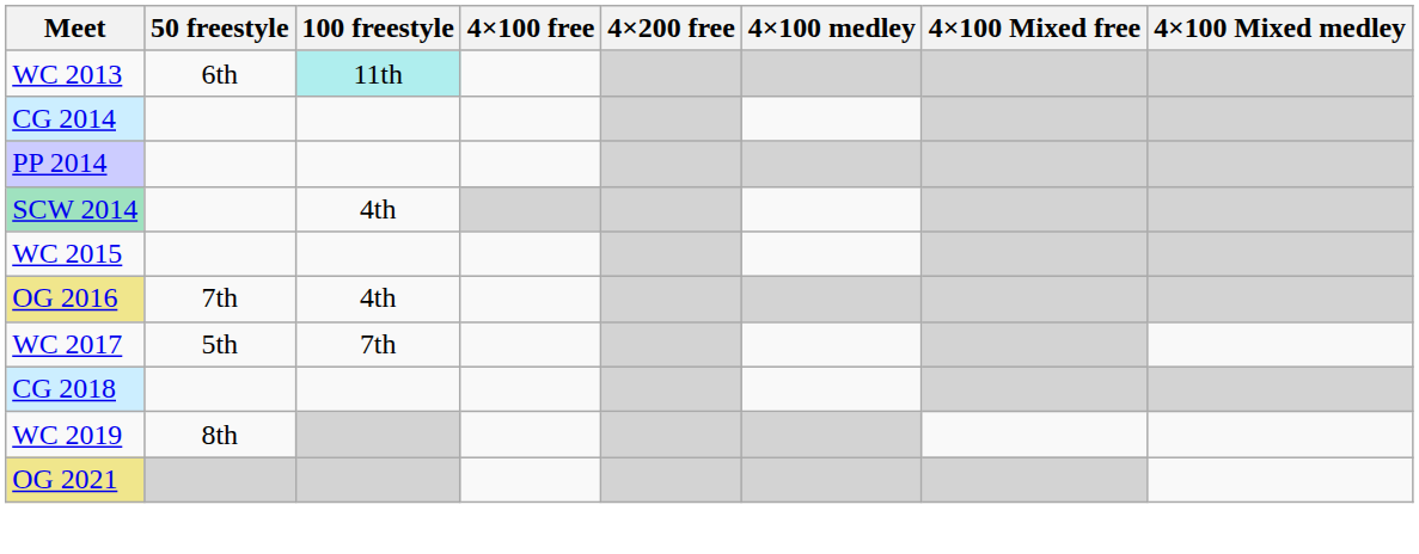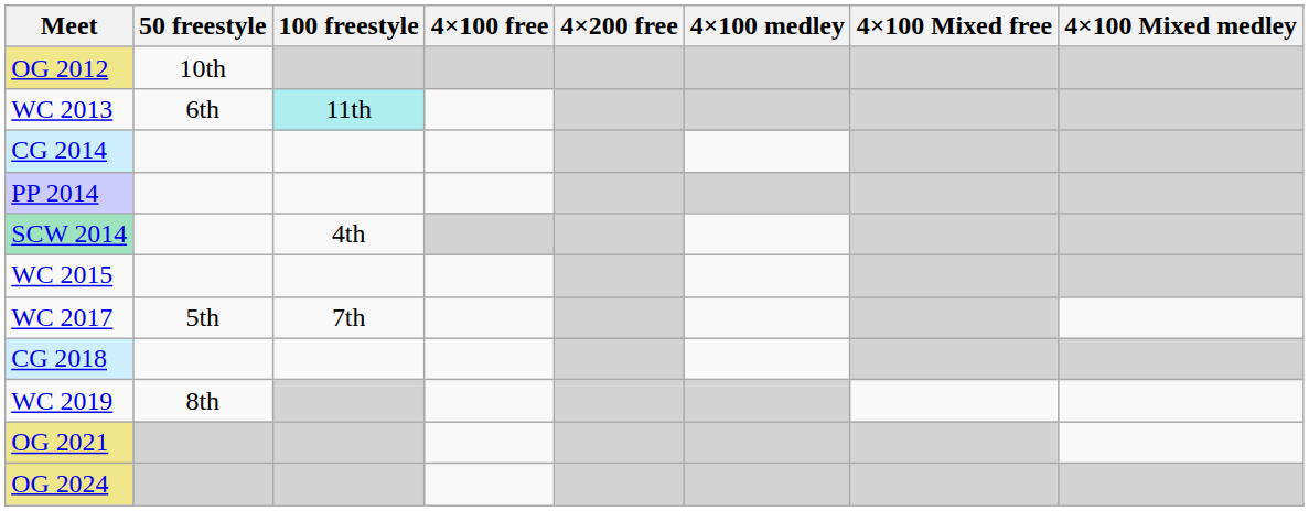 <table class="sortable wikitable">
 <tr>
 <th>Meet</th>
 <th class="unsortable">50 freestyle</th>
 <th class="unsortable">100 freestyle</th>
 <th class="unsortable">4×100 free</th>
 <th class="unsortable">4×200 free</th>
 <th class="unsortable">4×100 medley</th>
 <th class="unsortable">4×100 Mixed free</th>
 <th class="unsortable">4×100 Mixed medley</th>
+</tr>
+<tr>
+<td style="background:#f0e68c"><a href='#'>OG 2012</a></td>
+<td align="center">10th</td>
+<td style="background:#d3d3d3"></td>
+<td style="background:#d3d3d3"></td>
+<td style="background:#d3d3d3"></td>
+<td style="background:#d3d3d3"></td>
+<td style="background:#d3d3d3"></td>
+<td style="background:#d3d3d3"></td>
 </tr>
 <tr>
 <td><a href='#'>WC 2013</a></td>
 <td align="center">6th</td>
 <td align="center" style="background: paleturquoise;">11th</td>
 <td align="center"></td>
 <td style="background:#d3d3d3"></td>
 <td style="background:#d3d3d3"></td>
 <td style="background:#d3d3d3"></td>
 <td style="background:#d3d3d3"></td>
 </tr>
 <tr>
 <td style="background:#cceeff"><a href='#'>CG 2014</a></td>
 <td align="center"></td>
 <td align="center"></td>
 <td align="center"></td>
 <td style="background:#d3d3d3"></td>
 <td align="center"></td>
 <td style="background:#d3d3d3"></td>
 <td style="background:#d3d3d3"></td>
 </tr>
 <tr>
 <td style="background:#ccccff"><a href='#'>PP 2014</a></td>
 <td align="center"></td>
 <td align="center"></td>
 <td align="center"></td>
 <td style="background:#d3d3d3"></td>
 <td style="background:#d3d3d3"></td>
 <td style="background:#d3d3d3"></td>
 <td style="background:#d3d3d3"></td>
 </tr>
 <tr>
 <td style="background:#9fe2bf"><a href='#'>SCW 2014</a></td>
 <td align="center"></td>
 <td align="center">4th</td>
 <td style="background:#d3d3d3"></td>
 <td style="background:#d3d3d3"></td>
 <td align="center"></td>
 <td style="background:#d3d3d3"></td>
 <td style="background:#d3d3d3"></td>
 </tr>
 <tr>
 <td><a href='#'>WC 2015</a></td>
 <td align="center"></td>
 <td align="center"></td>
 <td align="center"></td>
 <td style="background:#d3d3d3"></td>
 <td align="center"></td>
 <td style="background:#d3d3d3"></td>
 <td style="background:#d3d3d3"></td>
 </tr>
 <tr>
-<td style="background:#f0e68c"><a href='#'>OG 2016</a></td>
-<td align="center">7th</td>
-<td align="center">4th</td>
-<td align="center"></td>
-<td style="background:#d3d3d3"></td>
-<td style="background:#d3d3d3"></td>
-<td style="background:#d3d3d3"></td>
-<td style="background:#d3d3d3"></td>
-</tr>
-<tr>
 <td><a href='#'>WC 2017</a></td>
 <td align="center">5th</td>
 <td align="center">7th</td>
 <td align="center"></td>
 <td style="background:#d3d3d3"></td>
 <td align="center"></td>
 <td style="background:#d3d3d3"></td>
 <td align="center"></td>
 </tr>
 <tr>
 <td style="background:#cceeff"><a href='#'>CG 2018</a></td>
 <td align="center"></td>
 <td align="center"></td>
 <td align="center"></td>
 <td style="background:#d3d3d3"></td>
 <td align="center"></td>
 <td style="background:#d3d3d3"></td>
 <td style="background:#d3d3d3"></td>
 </tr>
 <tr>
 <td><a href='#'>WC 2019</a></td>
 <td align="center">8th</td>
 <td style="background:#d3d3d3"></td>
 <td align="center"></td>
 <td style="background:#d3d3d3"></td>
 <td style="background:#d3d3d3"></td>
 <td align="center"></td>
 <td align="center"></td>
 </tr>
 <tr>
 <td style="background:#f0e68c"><a href='#'>OG 2021</a></td>
 <td style="background:#d3d3d3"></td>
 <td style="background:#d3d3d3"></td>
 <td align="center"></td>
 <td style="background:#d3d3d3"></td>
 <td style="background:#d3d3d3"></td>
 <td style="background:#d3d3d3"></td>
 <td align="center"></td>
 </tr>
+<tr>
+<td style="background:#f0e68c"><a href='#'>OG 2024</a></td>
+<td style="background:#d3d3d3"></td>
+<td style="background:#d3d3d3"></td>
+<td align="center"></td>
+<td style="background:#d3d3d3"></td>
+<td style="background:#d3d3d3"></td>
+<td style="background:#d3d3d3"></td>
+<td style="background:#d3d3d3"></td>
+</tr>
 </table>
